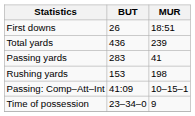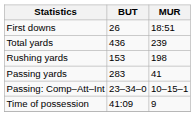 <table class="wikitable" style="float: left;">
 <tr>
 <th>Statistics</th>
 <th>BUT</th>
 <th>MUR</th>
 </tr>
 <tr>
 <td>First downs</td>
 <td>26</td>
 <td>18:51</td>
 </tr>
 <tr>
 <td>Total yards</td>
 <td>436</td>
 <td>239</td>
 </tr>
 <tr>
+<td>Rushing yards</td>
+<td>153</td>
+<td>198</td>
+</tr>
+<tr>
 <td>Passing yards</td>
 <td>283</td>
 <td>41</td>
 </tr>
 <tr>
-<td>Rushing yards</td>
-<td>153</td>
-<td>198</td>
-</tr>
-<tr>
 <td>Passing: Comp–Att–Int</td>
-<td>41:09</td>
+<td>23–34–0</td>
 <td>10–15–1</td>
 </tr>
 <tr>
 <td>Time of possession</td>
-<td>23–34–0</td>
+<td>41:09</td>
 <td>9</td>
 </tr>
 <tr>
 </tr>
 </table>
